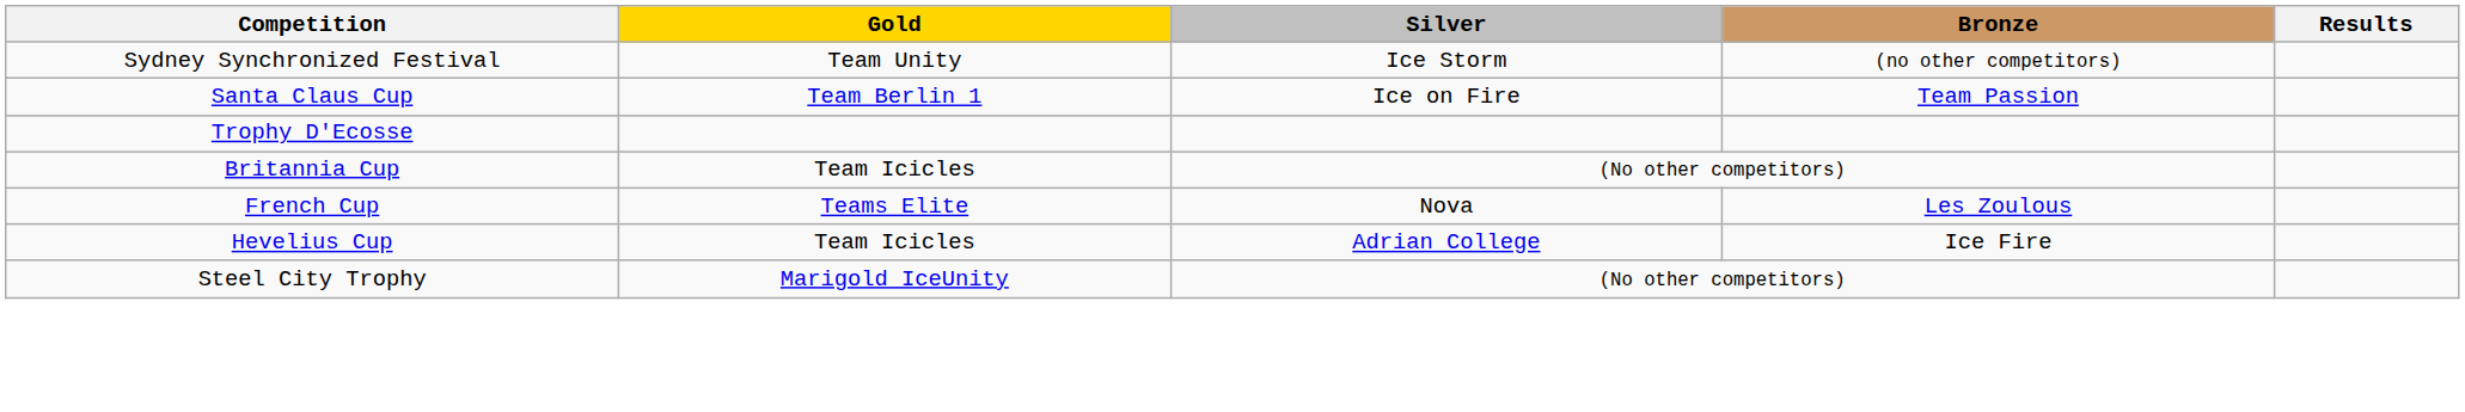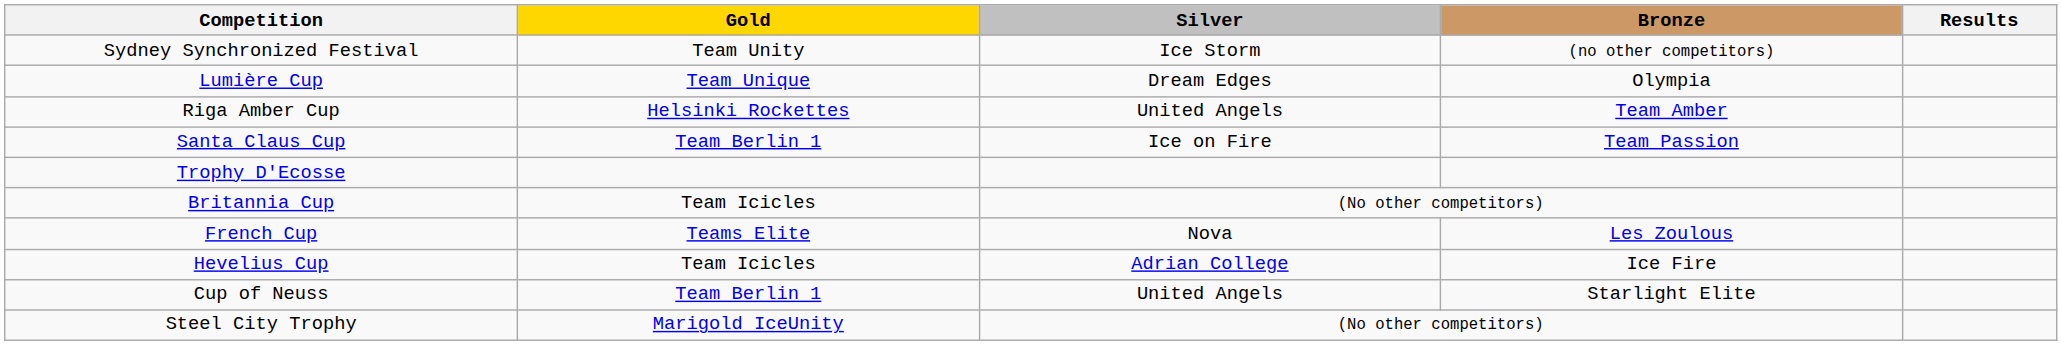 <table class="wikitable" style="text-align:center; width:90%;">
 <tr>
 <th scope="col" style="text-align:center; width:25%;">Competition</th>
 <td scope="col" style="text-align:center; width:22.5%; background:gold"><strong>Gold</strong></td>
 <td scope="col" style="text-align:center; width:22.5%; background:silver"><strong>Silver</strong></td>
 <td scope="col" style="text-align:center; width:22.5%; background:#c96"><strong>Bronze</strong></td>
 <th scope="col" style="text-align:center; width:7.5%;">Results</th>
 </tr>
 <tr>
 <td align="center">Sydney Synchronized Festival</td>
 <td>Team Unity</td>
 <td>Ice Storm</td>
 <td><small>(no other competitors)</small></td>
+<td></td>
+</tr>
+<tr>
+<td><a href='#'>Lumière Cup</a></td>
+<td><a href='#'>Team Unique</a></td>
+<td>Dream Edges</td>
+<td>Olympia</td>
+<td></td>
+</tr>
+<tr>
+<td>Riga Amber Cup</td>
+<td><a href='#'>Helsinki Rockettes</a></td>
+<td>United Angels</td>
+<td><a href='#'>Team Amber</a></td>
 <td></td>
 </tr>
 <tr>
 <td><a href='#'>Santa Claus Cup</a></td>
 <td><a href='#'>Team Berlin 1</a></td>
 <td>Ice on Fire</td>
 <td><a href='#'>Team Passion</a></td>
 <td></td>
 </tr>
 <tr>
 <td><a href='#'>Trophy D'Ecosse</a></td>
 <td></td>
 <td></td>
 <td></td>
 <td></td>
 </tr>
 <tr>
 <td><a href='#'>Britannia Cup</a></td>
 <td>Team Icicles</td>
 <td colspan="2"><small>(No other competitors)</small></td>
 <td></td>
 </tr>
 <tr>
 <td><a href='#'>French Cup</a></td>
 <td><a href='#'>Teams Elite</a></td>
 <td>Nova</td>
 <td><a href='#'>Les Zoulous</a></td>
 <td></td>
 </tr>
 <tr>
 <td><a href='#'>Hevelius Cup</a></td>
 <td>Team Icicles</td>
 <td><a href='#'>Adrian College</a></td>
 <td>Ice Fire</td>
 <td></td>
 </tr>
 <tr>
+<td>Cup of Neuss</td>
+<td><a href='#'>Team Berlin 1</a></td>
+<td>United Angels</td>
+<td>Starlight Elite</td>
+<td></td>
+</tr>
+<tr>
 <td>Steel City Trophy</td>
 <td><a href='#'>Marigold IceUnity</a></td>
 <td colspan="2"><small>(No other competitors)</small></td>
 <td></td>
 </tr>
 </table>
